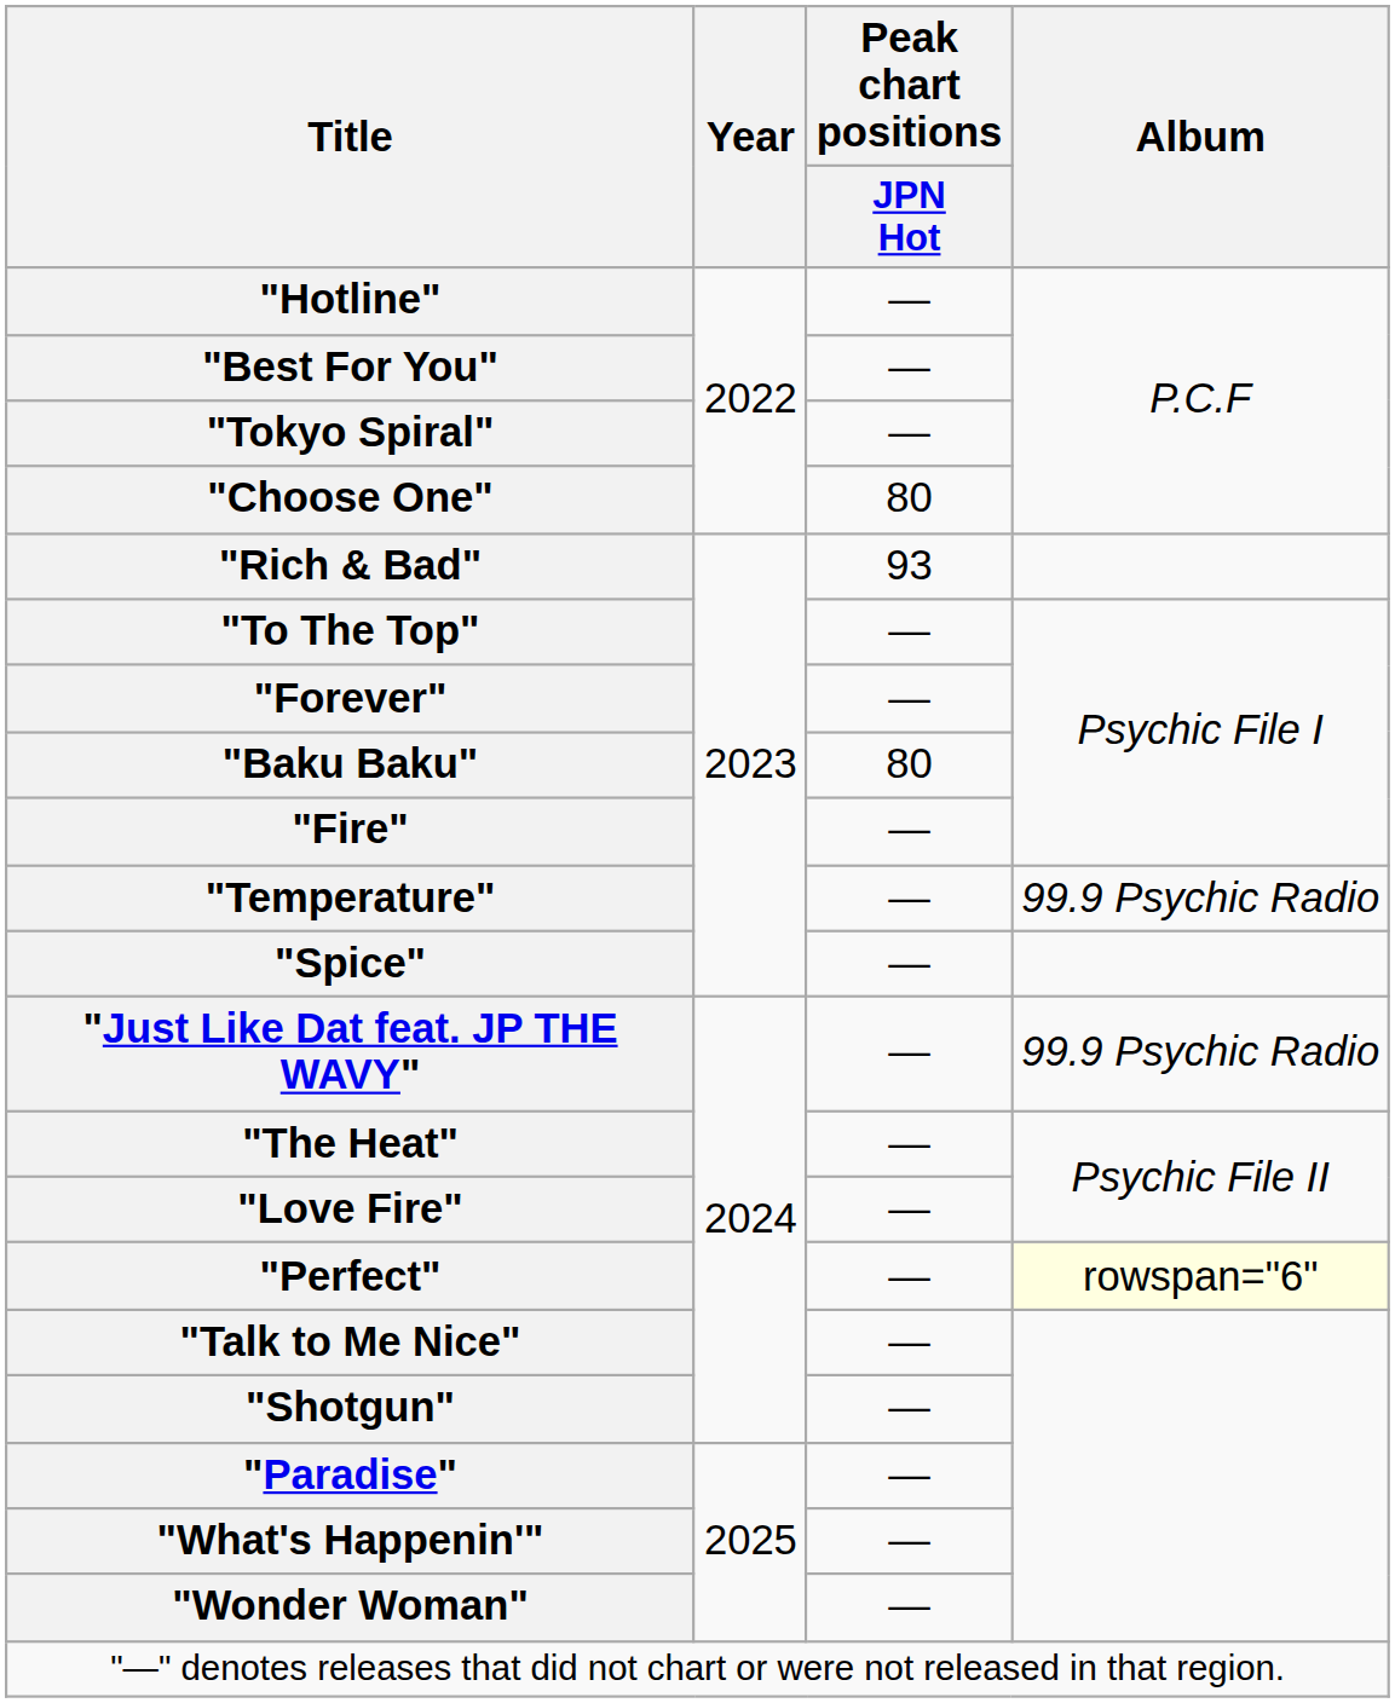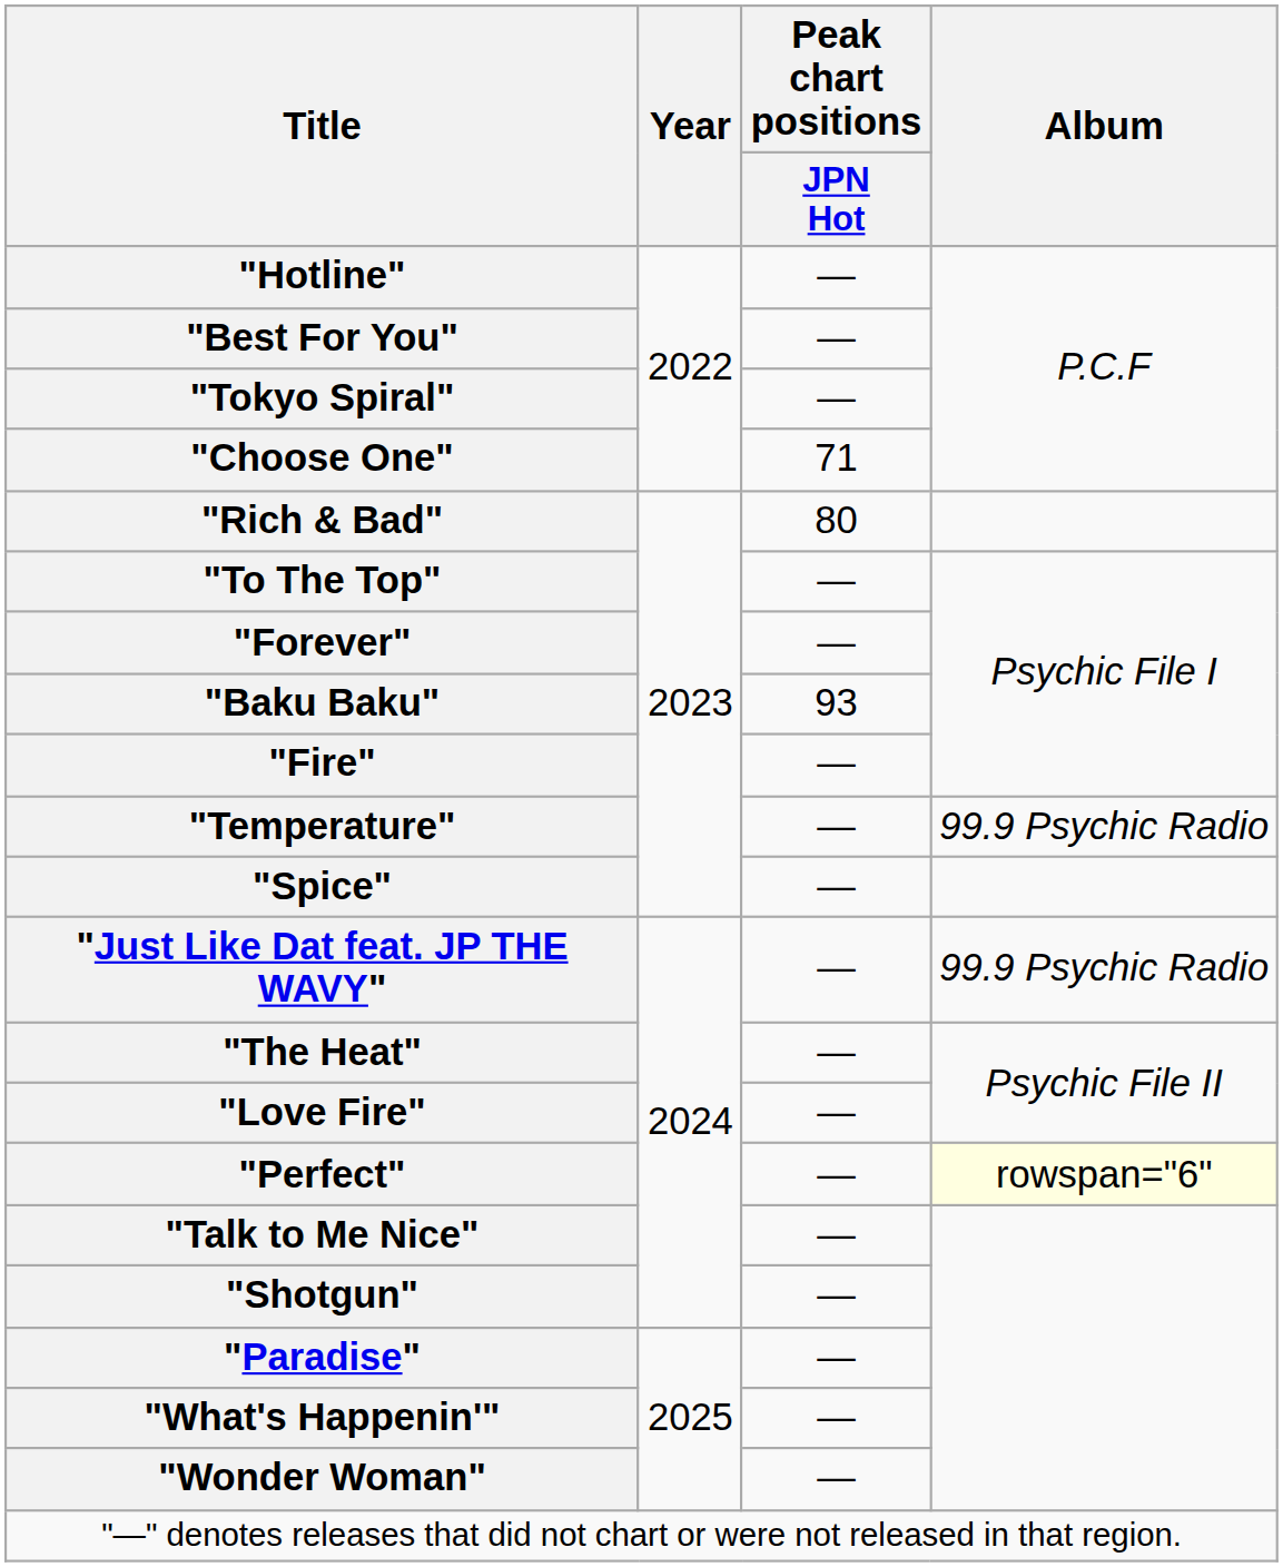 <table class="wikitable plainrowheaders" style="text-align:center;">
 <tr>
 <th rowspan="2" scope="col" style="width:16em;">Title</th>
 <th rowspan="2" scope="col">Year</th>
 <th scope="col">Peak chart positions</th>
 <th rowspan="2" scope="col">Album</th>
 </tr>
 <tr>
 <th scope="col" style="font-size:90%; width:3em"><a href='#'>JPN<br>Hot</a><br></th>
 </tr>
 <tr>
 <th scope="row">"Hotline"</th>
 <td rowspan="4">2022</td>
 <td>—</td>
 <td rowspan="4"><em>P.C.F</em></td>
 </tr>
 <tr>
 <th scope="row">"Best For You"</th>
 <td>—</td>
 </tr>
 <tr>
 <th scope="row">"Tokyo Spiral"</th>
 <td>—</td>
 </tr>
 <tr>
 <th scope="row">"Choose One"</th>
-<td>80</td>
+<td>71</td>
 </tr>
 <tr>
 <th scope="row">"Rich & Bad"</th>
 <td rowspan="7">2023</td>
-<td>93</td>
+<td>80</td>
 <td></td>
 </tr>
 <tr>
 <th scope="row">"To The Top" <br></th>
 <td>—</td>
 <td rowspan="4"><em>Psychic File I</em></td>
 </tr>
 <tr>
 <th scope="row">"Forever"</th>
 <td>—</td>
 </tr>
 <tr>
 <th scope="row">"Baku Baku"</th>
-<td>80</td>
+<td>93</td>
 </tr>
 <tr>
 <th scope="row">"Fire"</th>
 <td>—</td>
 </tr>
 <tr>
 <th scope="row">"Temperature"</th>
 <td>—</td>
 <td><em>99.9 Psychic Radio</em></td>
 </tr>
 <tr>
 <th scope="row">"Spice" <br></th>
 <td>—</td>
 <td></td>
 </tr>
 <tr>
 <th scope="row">"<a href='#'>Just Like Dat feat. JP THE WAVY</a>"</th>
 <td rowspan="6">2024</td>
 <td>—</td>
 <td><em>99.9 Psychic Radio</em></td>
 </tr>
 <tr>
 <th scope="row">"The Heat"</th>
 <td>—</td>
 <td rowspan="2"><em>Psychic File II</em></td>
 </tr>
 <tr>
 <th scope="row">"Love Fire"</th>
 <td>—</td>
 </tr>
 <tr>
 <th scope="row">"Perfect" <br> </th>
 <td>—</td>
 <td style="background: lightyellow;">rowspan="6" </td>
 </tr>
 <tr>
 <th scope="row">"Talk to Me Nice" <br> </th>
 <td>—</td>
 </tr>
 <tr>
 <th scope="row">"Shotgun" <br> </th>
 <td>—</td>
 </tr>
 <tr>
 <th scope="row">"<a href='#'>Paradise</a>"</th>
 <td rowspan="3">2025</td>
 <td>—</td>
 </tr>
 <tr>
 <th scope="row">"What's Happenin'"</th>
 <td>—</td>
 </tr>
 <tr>
 <th scope="row">"Wonder Woman"</th>
 <td>—</td>
 </tr>
 <tr>
 <td colspan="4" style="font-size:85%">"—" denotes releases that did not chart or were not released in that region.</td>
 </tr>
 </table>
